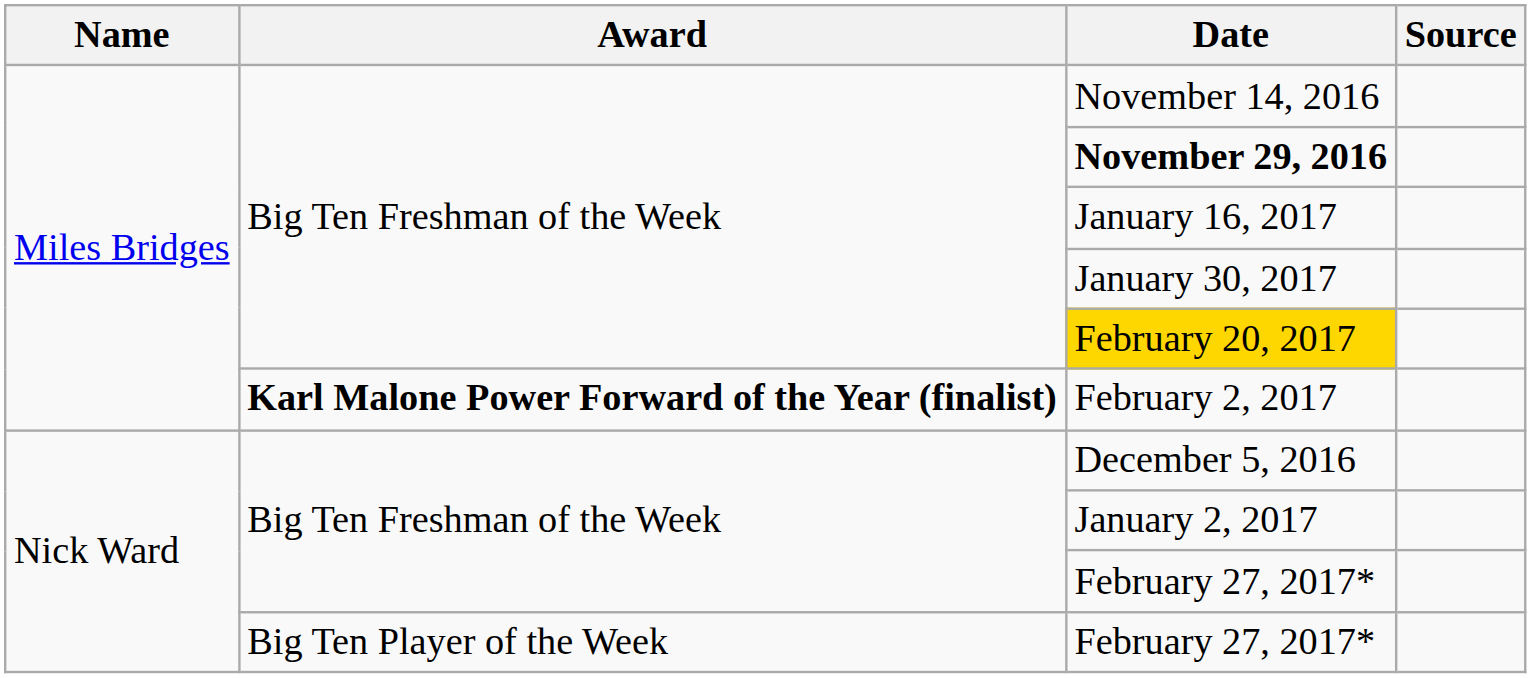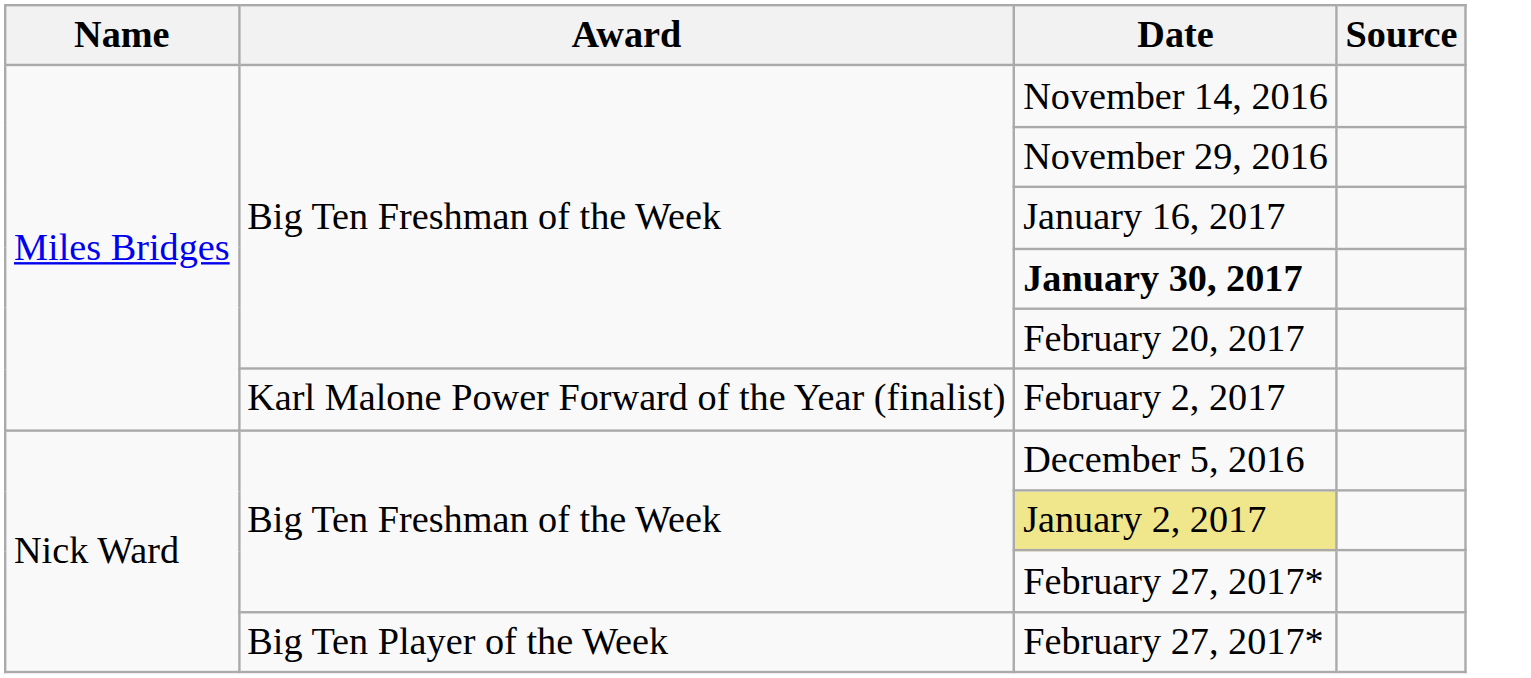 <table class=wikitable "border="1">
 <tr>
 <th>Name</th>
 <th>Award</th>
 <th>Date</th>
 <th>Source</th>
 </tr>
 <tr>
 <td rowspan=6><a href='#'>Miles Bridges</a></td>
 <td rowspan=5>Big Ten Freshman of the Week</td>
 <td>November 14, 2016</td>
 <td></td>
 </tr>
 <tr>
-<td><strong>November 29, 2016</strong></td>
+<td>November 29, 2016</td>
 <td></td>
 </tr>
 <tr>
 <td>January 16, 2017</td>
 <td></td>
 </tr>
 <tr>
-<td>January 30, 2017</td>
+<td><strong>January 30, 2017</strong></td>
 <td></td>
 </tr>
 <tr>
-<td style="background: gold;">February 20, 2017</td>
+<td>February 20, 2017</td>
 <td></td>
 </tr>
 <tr>
-<td><strong>Karl Malone Power Forward of the Year (finalist)</strong></td>
+<td>Karl Malone Power Forward of the Year (finalist)</td>
 <td>February 2, 2017</td>
 <td></td>
 </tr>
 <tr>
 <td rowspan=4>Nick Ward</td>
 <td rowspan=3>Big Ten Freshman of the Week</td>
 <td>December 5, 2016</td>
 <td></td>
 </tr>
 <tr>
-<td>January 2, 2017</td>
+<td style="background: khaki;">January 2, 2017</td>
 <td></td>
 </tr>
 <tr>
 <td>February 27, 2017*</td>
 <td></td>
 </tr>
 <tr>
 <td>Big Ten Player of the Week</td>
 <td>February 27, 2017*</td>
 <td></td>
 </tr>
 </table>
